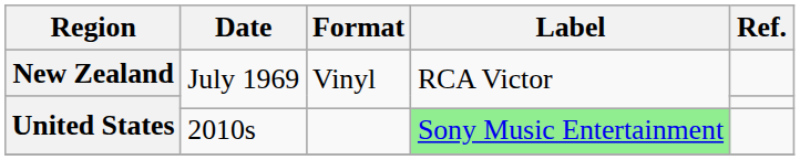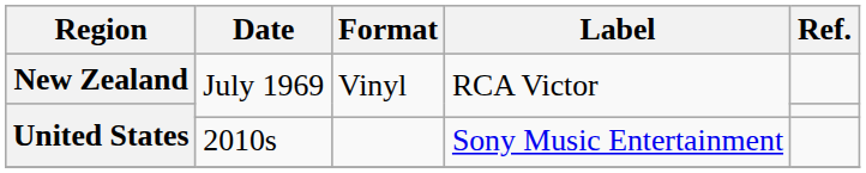 <table class="wikitable plainrowheaders">
 <tr>
 <th scope="col">Region</th>
 <th scope="col">Date</th>
 <th scope="col">Format</th>
 <th scope="col">Label</th>
 <th scope="col">Ref.</th>
 </tr>
 <tr>
 <th scope="row">New Zealand</th>
 <td rowspan="2">July 1969</td>
 <td rowspan="2">Vinyl</td>
 <td rowspan="2">RCA Victor</td>
 <td></td>
 </tr>
 <tr>
 <th scope="row" rowspan="2">United States</th>
 <td></td>
 </tr>
 <tr>
 <td>2010s</td>
 <td></td>
-<td style="background: lightgreen;"><a href='#'>Sony Music Entertainment</a></td>
+<td><a href='#'>Sony Music Entertainment</a></td>
 <td></td>
 </tr>
 <tr>
 </tr>
 </table>
